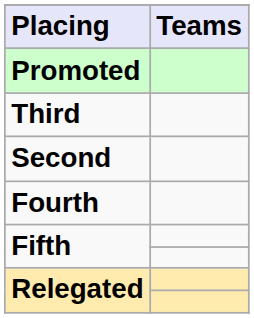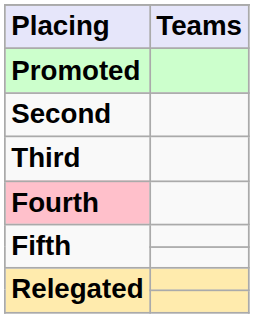 <table class=wikitable>
 <tr>
 </tr>
 <tr style="background: #E6E6FA;">
 <td><strong>Placing</strong></td>
 <td><strong>Teams</strong></td>
 </tr>
 <tr style="background: #ccffcc;">
 <td><strong>Promoted</strong></td>
 <td><strong></strong></td>
 </tr>
 <tr>
+<td><strong>Second</strong></td>
+<td></td>
+</tr>
+<tr>
 <td><strong>Third</strong></td>
 <td></td>
 </tr>
 <tr>
-<td><strong>Second</strong></td>
-<td></td>
-</tr>
-<tr>
-<td><strong>Fourth</strong></td>
+<td style="background: pink;"><strong>Fourth</strong></td>
 <td></td>
 </tr>
 <tr>
 <td rowspan="2"><strong>Fifth</strong></td>
 <td></td>
 </tr>
 <tr>
 <td></td>
 </tr>
 <tr style="background: #ffebad;">
 <td rowspan="2"><strong>Relegated</strong></td>
 <td></td>
 </tr>
 <tr style="background: #ffebad;">
 <td></td>
 </tr>
 </table>
